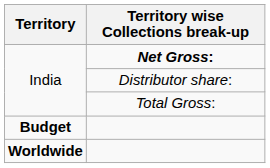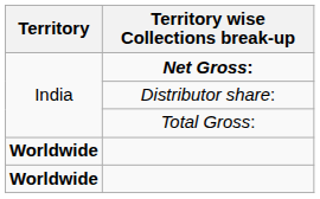 <table class="wikitable"  style="float:centre; width:45%; text-align:center;">
 <tr>
 <th>Territory</th>
 <th>Territory wise Collections break-up</th>
 </tr>
 <tr>
 <td rowspan="3">India</td>
 <td><strong><em>Net Gross</em>:<br></strong></td>
 </tr>
 <tr>
 <td><em>Distributor share</em>:<br></td>
 </tr>
 <tr>
 <td><em>Total Gross</em>:<br></td>
 </tr>
 <tr>
-<td><strong>Budget</strong></td>
+<td><strong>Worldwide</strong></td>
 <td></td>
 </tr>
 <tr>
 <td><strong>Worldwide</strong></td>
 <td></td>
 </tr>
 </table>
